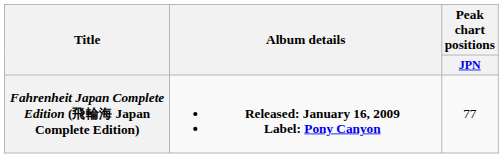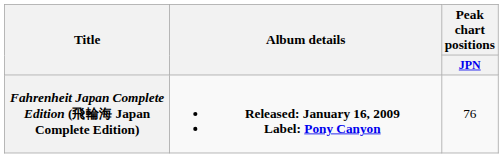 <table class="wikitable plainrowheaders" style="text-align:center;">
 <tr>
 <th rowspan="2" style="width:12em;">Title</th>
 <th rowspan="2" style="width:20em;">Album details</th>
 <th>Peak chart positions</th>
 </tr>
 <tr>
 <th scope="col" style="width:2.5em;font-size:90%;"><a href='#'>JPN</a><br></th>
 </tr>
 <tr>
 <th scope="row"><em>Fahrenheit Japan Complete Edition</em> (飛輪海 Japan Complete Edition)</th>
 <td><strong><br><ul><li>Released: January 16, 2009 </li><li>Label: <a href='#'>Pony Canyon</a></li></ul></strong></td>
-<td>77</td>
+<td>76</td>
 </tr>
 </table>
